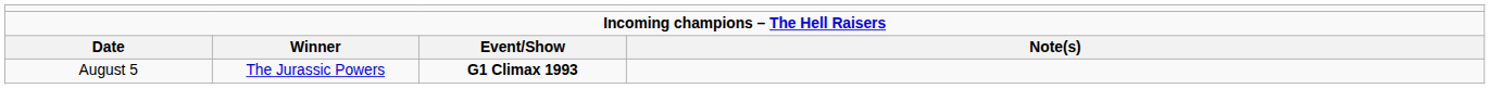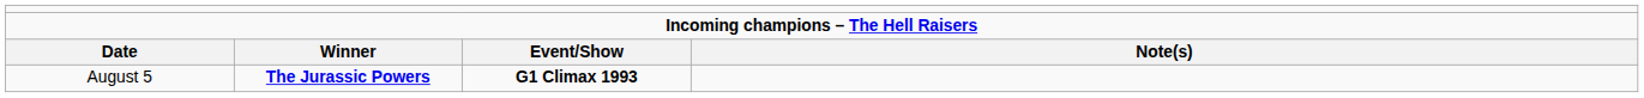 <table class="wikitable" style="text-align:center; width:100%;">
 <tr>
 <td colspan="5"></td>
 </tr>
 <tr>
 <td colspan="5"><strong>Incoming champions – <a href='#'>The Hell Raisers</a> </strong></td>
 </tr>
 <tr>
 <th width=14%>Date</th>
 <th width=14%>Winner</th>
 <th width=14%>Event/Show</th>
 <th width=58%>Note(s)</th>
 </tr>
 <tr>
 <td>August 5</td>
-<td><a href='#'>The Jurassic Powers</a><br></td>
+<td><strong><a href='#'>The Jurassic Powers</a><br></strong></td>
 <td><strong>G1 Climax 1993</strong></td>
 <td align="left"></td>
 </tr>
 </table>
